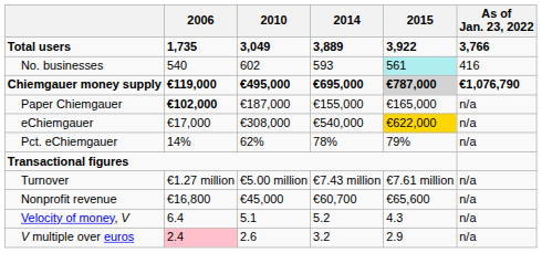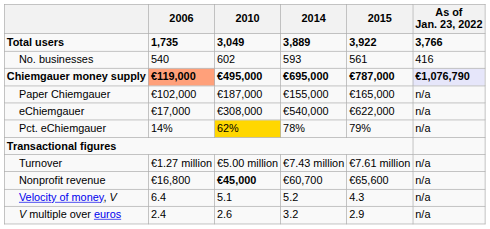 <table class="wikitable">
 <tr>
 <th></th>
 <th>2006</th>
 <th>2010</th>
 <th>2014</th>
 <th>2015</th>
 <th>As of<br>Jan. 23, 2022</th>
 </tr>
 <tr>
 <td><strong>Total users</strong></td>
 <td><strong>1,735</strong></td>
 <td><strong>3,049</strong></td>
 <td><strong>3,889 </strong></td>
 <td><strong>3,922</strong></td>
 <td><strong>3,766</strong></td>
 </tr>
 <tr>
 <td>    No. businesses</td>
 <td>540</td>
 <td>602</td>
 <td>593</td>
-<td style="background: paleturquoise;">561</td>
+<td>561</td>
 <td>416</td>
 </tr>
 <tr>
 <td><strong>Chiemgauer money supply</strong></td>
-<td><strong> €119,000 </strong></td>
+<td style="background: lightsalmon;"><strong> €119,000 </strong></td>
 <td><strong>€495,000</strong></td>
 <td><strong>€695,000</strong></td>
-<td style="background: lightgrey;"><strong>€787,000</strong></td>
-<td><strong>€1,076,790</strong></td>
+<td><strong>€787,000</strong></td>
+<td style="background: lavender;"><strong>€1,076,790</strong></td>
 </tr>
 <tr>
 <td>    Paper Chiemgauer</td>
-<td><strong>€102,000</strong></td>
+<td>€102,000</td>
 <td>€187,000</td>
 <td>€155,000</td>
 <td>€165,000</td>
 <td>n/a</td>
 </tr>
 <tr>
 <td>    eChiemgauer</td>
 <td>€17,000</td>
 <td>€308,000</td>
 <td>€540,000</td>
-<td style="background: gold;">€622,000</td>
+<td>€622,000</td>
 <td>n/a</td>
 </tr>
 <tr>
 <td>    Pct. eChiemgauer</td>
 <td>14%</td>
-<td>62%</td>
+<td style="background: gold;">62%</td>
 <td>78%</td>
 <td>79%</td>
 <td>n/a</td>
 </tr>
 <tr>
 <td colspan="5" style="text-align: left;"><strong>Transactional figures</strong></td>
 <td></td>
 </tr>
 <tr>
 <td>    Turnover</td>
 <td>€1.27 million</td>
 <td>€5.00 million</td>
 <td>€7.43 million</td>
 <td>€7.61 million</td>
 <td>n/a</td>
 </tr>
 <tr>
 <td>    Nonprofit revenue</td>
 <td>€16,800</td>
-<td>€45,000</td>
+<td><strong>€45,000</strong></td>
 <td>€60,700</td>
 <td>€65,600</td>
 <td>n/a</td>
 </tr>
 <tr>
 <td>    <a href='#'>Velocity of money</a>, <em>V</em></td>
 <td>6.4</td>
 <td>5.1</td>
 <td>5.2</td>
 <td>4.3</td>
 <td>n/a</td>
 </tr>
 <tr>
 <td>    <em>V</em> multiple over <a href='#'>euros</a></td>
-<td style="background: pink;">2.4</td>
+<td>2.4</td>
 <td>2.6</td>
 <td>3.2</td>
 <td>2.9</td>
 <td>n/a</td>
 </tr>
 </table>
